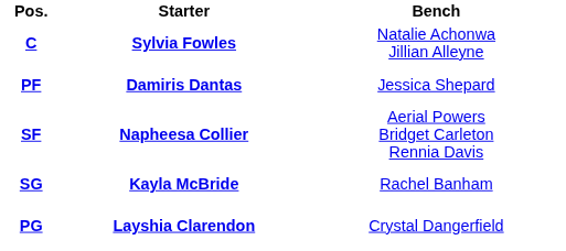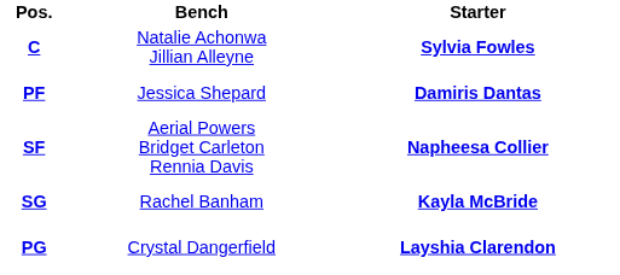 <table style="text-align:center; ">
 <tr>
 <th width="50">Pos.</th>
+<th width="250">Bench</th>
 <th width="250">Starter</th>
-<th width="250">Bench</th>
 </tr>
 <tr style="height:40px; background:white; color:#092C57">
 <th><a href='#'><span>C</span></a></th>
+<td><a href='#'>Natalie Achonwa</a><br><a href='#'>Jillian Alleyne</a></td>
 <td><strong><a href='#'>Sylvia Fowles</a></strong></td>
-<td><a href='#'>Natalie Achonwa</a><br><a href='#'>Jillian Alleyne</a></td>
 </tr>
 <tr style="height:40px; background:white; color:#092C57">
 <th><a href='#'><span>PF</span></a></th>
+<td><a href='#'>Jessica Shepard</a></td>
 <td><strong><a href='#'>Damiris Dantas</a></strong></td>
-<td><a href='#'>Jessica Shepard</a></td>
 </tr>
 <tr style="height:40px; background:white; color:#092C57">
 <th><a href='#'><span>SF</span></a></th>
+<td><a href='#'>Aerial Powers</a><br><a href='#'>Bridget Carleton</a><br><a href='#'>Rennia Davis</a></td>
 <td><strong><a href='#'>Napheesa Collier</a></strong></td>
-<td><a href='#'>Aerial Powers</a><br><a href='#'>Bridget Carleton</a><br><a href='#'>Rennia Davis</a></td>
 </tr>
 <tr style="height:40px; background:white; color:#092C57">
 <th><a href='#'><span>SG</span></a></th>
+<td><a href='#'>Rachel Banham</a></td>
 <td><strong><a href='#'>Kayla McBride</a></strong></td>
-<td><a href='#'>Rachel Banham</a></td>
 </tr>
 <tr style="height:40px; background:white; color:#092C57">
 <th><a href='#'><span>PG</span></a></th>
+<td><a href='#'>Crystal Dangerfield</a></td>
 <td><strong><a href='#'>Layshia Clarendon</a></strong></td>
-<td><a href='#'>Crystal Dangerfield</a></td>
 </tr>
 </table>
